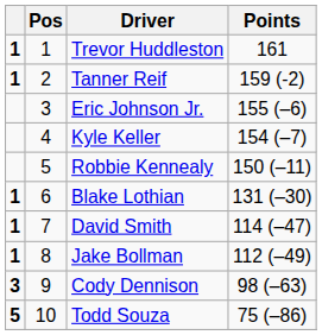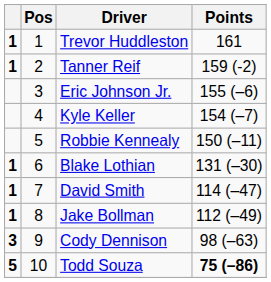 <table class="wikitable" style="font-size: 95%;">
 <tr>
 <th></th>
 <th>Pos</th>
 <th>Driver</th>
 <th>Points</th>
 </tr>
 <tr>
 <td align="left"> <strong>1</strong></td>
 <td style="text-align:center;">1</td>
 <td><a href='#'>Trevor Huddleston</a></td>
 <td style="text-align:center;">161</td>
 </tr>
 <tr>
 <td align="left"> <strong>1</strong></td>
 <td style="text-align:center;">2</td>
 <td><a href='#'>Tanner Reif</a></td>
 <td style="text-align:center;">159 (-2)</td>
 </tr>
 <tr>
 <td align="left"></td>
 <td style="text-align:center;">3</td>
 <td><a href='#'>Eric Johnson Jr.</a></td>
 <td style="text-align:center;">155 (–6)</td>
 </tr>
 <tr>
 <td align="left"></td>
 <td style="text-align:center;">4</td>
 <td><a href='#'>Kyle Keller</a></td>
 <td style="text-align:center;">154 (–7)</td>
 </tr>
 <tr>
 <td align="left"></td>
 <td style="text-align:center;">5</td>
 <td><a href='#'>Robbie Kennealy</a></td>
 <td style="text-align:center;">150 (–11)</td>
 </tr>
 <tr>
 <td align="left"> <strong>1</strong></td>
 <td style="text-align:center;">6</td>
 <td><a href='#'>Blake Lothian</a></td>
 <td style="text-align:center;">131 (–30)</td>
 </tr>
 <tr>
 <td align="left"> <strong>1</strong></td>
 <td style="text-align:center;">7</td>
 <td><a href='#'>David Smith</a></td>
 <td style="text-align:center;">114 (–47)</td>
 </tr>
 <tr>
 <td align="left"> <strong>1</strong></td>
 <td style="text-align:center;">8</td>
 <td><a href='#'>Jake Bollman</a></td>
 <td style="text-align:center;">112 (–49)</td>
 </tr>
 <tr>
 <td align="left"> <strong>3</strong></td>
 <td style="text-align:center;">9</td>
 <td><a href='#'>Cody Dennison</a></td>
 <td style="text-align:center;">98 (–63)</td>
 </tr>
 <tr>
 <td align="left"> <strong>5</strong></td>
 <td style="text-align:center;">10</td>
 <td><a href='#'>Todd Souza</a></td>
-<td style="text-align:center;">75 (–86)</td>
+<td style="text-align:center;"><strong>75 (–86)</strong></td>
 </tr>
 <tr class="sortbottom">
 </tr>
 </table>
